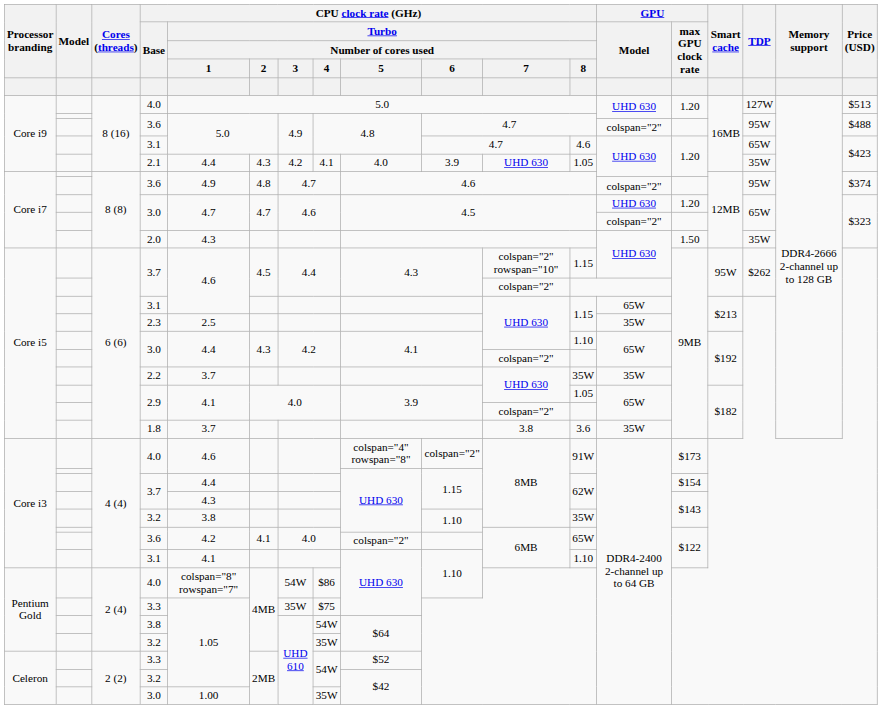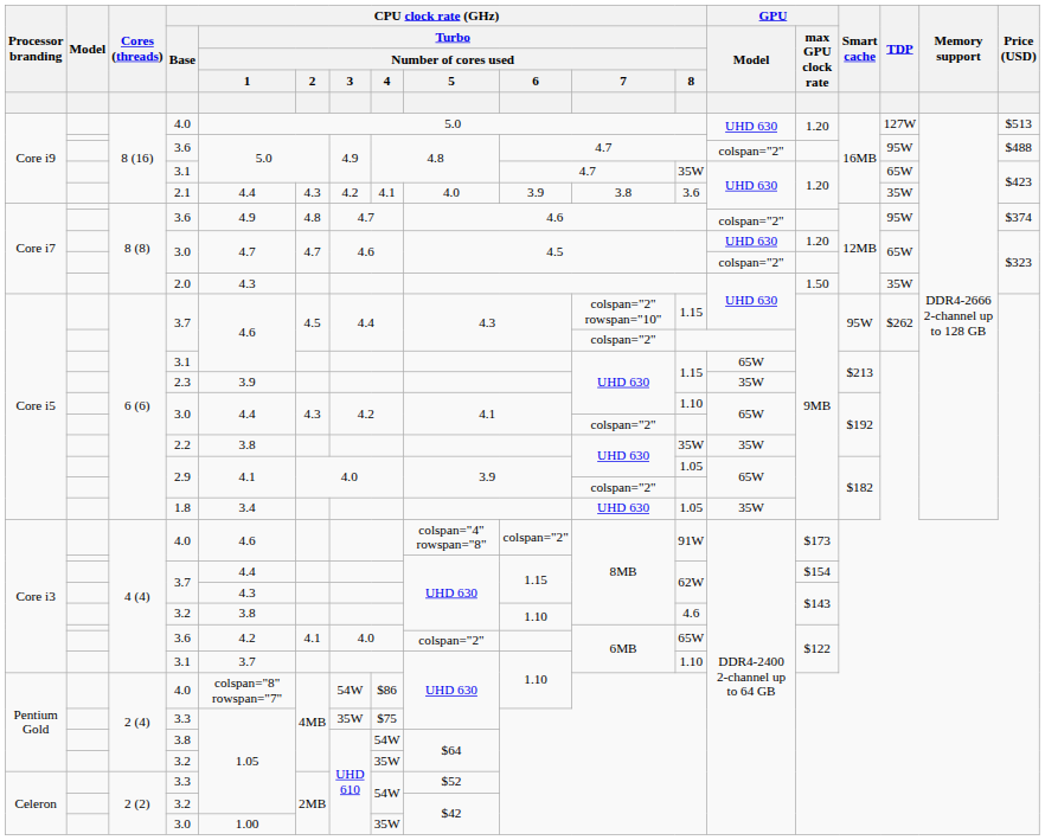 <table class="wikitable sortable hover-highlight" style="text-align: center">
 <tr>
 <th rowspan="4">Processor<br>branding</th>
 <th rowspan="4">Model</th>
 <th rowspan="4"><a href='#'>Cores</a> <br> (<a href='#'>threads</a>)</th>
 <th colspan="9">CPU <a href='#'>clock rate</a> (GHz)</th>
 <th colspan="2"><a href='#'>GPU</a></th>
 <th rowspan="4">Smart <br> <a href='#'>cache</a></th>
 <th rowspan="4"><a href='#'>TDP</a></th>
 <th rowspan="4">Memory support</th>
 <th rowspan="4">Price <br> (USD)</th>
 </tr>
 <tr>
 <th rowspan="3">Base</th>
 <th colspan="8"><a href='#'>Turbo</a></th>
 <th rowspan="3">Model</th>
 <th rowspan="3">max GPU<br>clock rate</th>
 </tr>
 <tr>
 <th colspan="8">Number of cores used</th>
 </tr>
 <tr>
 <th>1</th>
 <th>2</th>
 <th>3</th>
 <th>4</th>
 <th>5</th>
 <th>6</th>
 <th>7</th>
 <th>8</th>
 </tr>
 <tr>
 <th style="background-position:center"><br></th>
 <th style="background-position:center"></th>
 <th style="background-position:center"></th>
 <th style="background-position:center"></th>
 <th style="background-position:center"></th>
 <th style="background-position:center"></th>
 <th style="background-position:center"></th>
 <th style="background-position:center"></th>
 <th style="background-position:center"></th>
 <th style="background-position:center"></th>
 <th style="background-position:center"></th>
 <th style="background-position:center"></th>
 <th style="background-position:center"></th>
 <th style="background-position:center"></th>
 <th style="background-position:center"></th>
 <th style="background-position:center"></th>
 <th style="background-position:center"></th>
 <th style="background-position:center"></th>
 </tr>
 <tr>
 <td rowspan="5">Core i9</td>
 <td></td>
 <td rowspan="5">8 (16)</td>
 <td>4.0</td>
 <td colspan="8">5.0</td>
 <td rowspan="2"><a href='#'>UHD 630</a></td>
 <td rowspan="2">1.20</td>
 <td rowspan="5">16MB</td>
 <td>127W</td>
 <td rowspan="20">DDR4-2666<br>2-channel up to 128 GB</td>
 <td>$513</td>
 </tr>
 <tr>
 <td></td>
 <td rowspan="2">3.6</td>
 <td colspan="2" rowspan="3">5.0</td>
 <td rowspan="3">4.9</td>
 <td colspan="2" rowspan="3">4.8</td>
 <td colspan="3" rowspan="2">4.7</td>
 <td rowspan="2">95W</td>
 <td rowspan="2">$488</td>
 </tr>
 <tr>
 <td></td>
 <td>colspan="2" </td>
 </tr>
 <tr>
 <td></td>
 <td>3.1</td>
 <td colspan="2">4.7</td>
-<td>4.6</td>
+<td>35W</td>
 <td rowspan="3"><a href='#'>UHD 630</a></td>
 <td rowspan="3">1.20</td>
 <td>65W</td>
 <td rowspan="2">$423</td>
 </tr>
 <tr>
 <td></td>
 <td>2.1</td>
 <td>4.4</td>
 <td>4.3</td>
 <td>4.2</td>
 <td>4.1</td>
 <td>4.0</td>
 <td>3.9</td>
-<td><a href='#'>UHD 630</a></td>
-<td>1.05</td>
+<td>3.8</td>
+<td>3.6</td>
 <td>35W</td>
 </tr>
 <tr>
 <td rowspan="5">Core i7</td>
 <td></td>
 <td rowspan="5">8 (8)</td>
 <td rowspan="2">3.6</td>
 <td rowspan="2">4.9</td>
 <td rowspan="2">4.8</td>
 <td colspan="2" rowspan="2">4.7</td>
 <td colspan="4" rowspan="2">4.6</td>
 <td rowspan="5">12MB</td>
 <td rowspan="2">95W</td>
 <td rowspan="2">$374</td>
 </tr>
 <tr>
 <td></td>
 <td>colspan="2" </td>
 </tr>
 <tr>
 <td></td>
 <td rowspan="2">3.0</td>
 <td rowspan="2">4.7</td>
 <td rowspan="2">4.7</td>
 <td colspan="2" rowspan="2">4.6</td>
 <td colspan="4" rowspan="2">4.5</td>
 <td><a href='#'>UHD 630</a></td>
 <td>1.20</td>
 <td rowspan="2">65W</td>
 <td rowspan="3">$323</td>
 </tr>
 <tr>
 <td></td>
 <td>colspan="2" </td>
 </tr>
 <tr>
 <td></td>
 <td>2.0</td>
 <td>4.3</td>
 <td></td>
 <td colspan="2"></td>
 <td colspan="4"></td>
 <td rowspan="2"><a href='#'>UHD 630</a></td>
 <td>1.50</td>
 <td>35W</td>
 </tr>
 <tr>
 <td rowspan="10">Core i5</td>
 <td></td>
 <td rowspan="10">6 (6)</td>
 <td rowspan="2">3.7</td>
 <td rowspan="3">4.6</td>
 <td rowspan="2">4.5</td>
 <td colspan="2" rowspan="2">4.4</td>
 <td colspan="2" rowspan="2">4.3</td>
 <td>colspan="2" rowspan="10" </td>
 <td>1.15</td>
 <td rowspan="10">9MB</td>
 <td rowspan="2">95W</td>
 <td rowspan="2">$262</td>
 </tr>
 <tr>
 <td></td>
 <td>colspan="2" </td>
 </tr>
 <tr>
 <td></td>
 <td>3.1</td>
 <td></td>
 <td colspan="2"></td>
 <td colspan="2"></td>
 <td rowspan="3"><a href='#'>UHD 630</a></td>
 <td rowspan="2">1.15</td>
 <td>65W</td>
 <td rowspan="2">$213</td>
 </tr>
 <tr>
 <td></td>
 <td>2.3</td>
-<td>2.5</td>
+<td>3.9</td>
 <td></td>
 <td colspan="2"></td>
 <td colspan="2"></td>
 <td>35W</td>
 </tr>
 <tr>
 <td></td>
 <td rowspan="2">3.0</td>
 <td rowspan="2">4.4</td>
 <td rowspan="2">4.3</td>
 <td colspan="2" rowspan="2">4.2</td>
 <td colspan="2" rowspan="2">4.1</td>
 <td>1.10</td>
 <td rowspan="2">65W</td>
 <td rowspan="3">$192</td>
 </tr>
 <tr>
 <td></td>
 <td>colspan="2" </td>
 </tr>
 <tr>
 <td></td>
 <td>2.2</td>
-<td>3.7</td>
+<td>3.8</td>
 <td></td>
 <td colspan="2"></td>
 <td colspan="2"></td>
 <td rowspan="2"><a href='#'>UHD 630</a></td>
 <td>35W</td>
 <td>35W</td>
 </tr>
 <tr>
 <td></td>
 <td rowspan="2">2.9</td>
 <td rowspan="2">4.1</td>
 <td colspan="3" rowspan="2">4.0</td>
 <td colspan="2" rowspan="2">3.9</td>
 <td>1.05</td>
 <td rowspan="2">65W</td>
 <td rowspan="3">$182</td>
 </tr>
 <tr>
 <td></td>
 <td>colspan="2" </td>
 </tr>
 <tr>
 <td></td>
 <td>1.8</td>
-<td>3.7</td>
+<td>3.4</td>
 <td></td>
 <td colspan="2"></td>
 <td colspan="2"></td>
-<td>3.8</td>
-<td>3.6</td>
+<td><a href='#'>UHD 630</a></td>
+<td>1.05</td>
 <td>35W</td>
 </tr>
 <tr>
 <td rowspan="8">Core i3</td>
 <td></td>
 <td rowspan="8">4 (4)</td>
 <td rowspan="2">4.0</td>
 <td rowspan="2">4.6</td>
 <td rowspan="2"></td>
 <td colspan="2" rowspan="2"></td>
 <td>colspan="4" rowspan="8" </td>
 <td>colspan="2" </td>
 <td rowspan="5">8MB</td>
 <td rowspan="2">91W</td>
 <td rowspan="15">DDR4-2400<br>2-channel up to 64 GB</td>
 <td rowspan="2">$173</td>
 </tr>
 <tr>
 <td></td>
 <td rowspan="5"><a href='#'>UHD 630</a></td>
 <td rowspan="3">1.15</td>
 </tr>
 <tr>
 <td></td>
 <td rowspan="2">3.7</td>
 <td>4.4</td>
 <td></td>
 <td colspan="2"></td>
 <td rowspan="2">62W</td>
 <td>$154</td>
 </tr>
 <tr>
 <td></td>
 <td>4.3</td>
 <td></td>
 <td colspan="2"></td>
 <td rowspan="2">$143</td>
 </tr>
 <tr>
 <td></td>
 <td>3.2</td>
 <td>3.8</td>
 <td></td>
 <td colspan="2"></td>
 <td rowspan="2">1.10</td>
-<td>35W</td>
+<td>4.6</td>
 </tr>
 <tr>
 <td></td>
 <td rowspan="2">3.6</td>
 <td rowspan="2">4.2</td>
 <td rowspan="2">4.1</td>
 <td colspan="2" rowspan="2">4.0</td>
 <td rowspan="3">6MB</td>
 <td rowspan="2">65W</td>
 <td rowspan="3">$122</td>
 </tr>
 <tr>
 <td></td>
 <td>colspan="2" </td>
 </tr>
 <tr>
 <td></td>
 <td>3.1</td>
-<td>4.1</td>
+<td>3.7</td>
 <td></td>
 <td colspan="2"></td>
 <td rowspan="3"><a href='#'>UHD 630</a></td>
 <td rowspan="2">1.10</td>
 <td>1.10</td>
 </tr>
 <tr>
 <td rowspan="4">Pentium <br> Gold</td>
 <td></td>
 <td rowspan="4">2 (4)</td>
 <td>4.0</td>
 <td>colspan="8" rowspan="7" </td>
 <td rowspan="4">4MB</td>
 <td>54W</td>
 <td>$86</td>
 </tr>
 <tr>
 <td></td>
 <td>3.3</td>
 <td rowspan="5">1.05</td>
 <td>35W</td>
 <td>$75</td>
 </tr>
 <tr>
 <td></td>
 <td>3.8</td>
 <td rowspan="5"><a href='#'>UHD 610</a></td>
 <td>54W</td>
 <td rowspan="2">$64</td>
 </tr>
 <tr>
 <td></td>
 <td>3.2</td>
 <td>35W</td>
 </tr>
 <tr>
 <td rowspan="3">Celeron</td>
 <td></td>
 <td rowspan="3">2 (2)</td>
 <td>3.3</td>
 <td rowspan="3">2MB</td>
 <td rowspan="2">54W</td>
 <td>$52</td>
 </tr>
 <tr>
 <td></td>
 <td>3.2</td>
 <td rowspan="2">$42</td>
 </tr>
 <tr>
 <td></td>
 <td>3.0</td>
 <td>1.00</td>
 <td>35W</td>
 </tr>
 </table>
